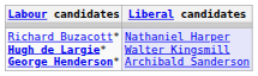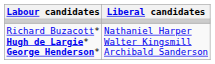 <table class="wikitable">
 <tr>
 <th><a href='#'>Labour</a> candidates</th>
 <th><a href='#'>Liberal</a> candidates</th>
 </tr>
 <tr bgcolor="#cccccc">
 <td></td>
 <td></td>
 </tr>
 <tr>
 <td><a href='#'>Richard Buzacott</a>*<br><strong><a href='#'>Hugh de Largie</a></strong>*<br><strong><a href='#'>George Henderson</a></strong>*</td>
-<td style="background: lavender;"><a href='#'>Nathaniel Harper</a><br><a href='#'>Walter Kingsmill</a><br><a href='#'>Archibald Sanderson</a></td>
+<td><a href='#'>Nathaniel Harper</a><br><a href='#'>Walter Kingsmill</a><br><a href='#'>Archibald Sanderson</a></td>
 </tr>
 </table>
